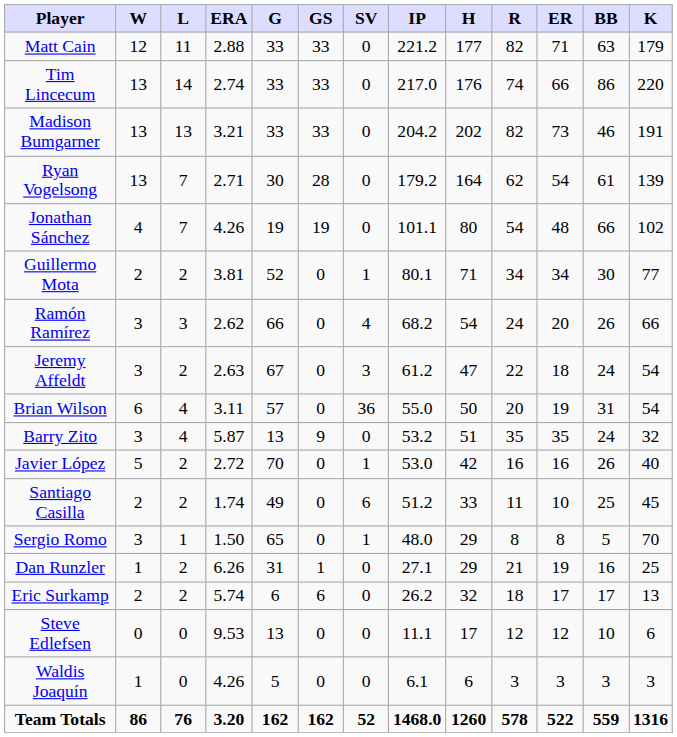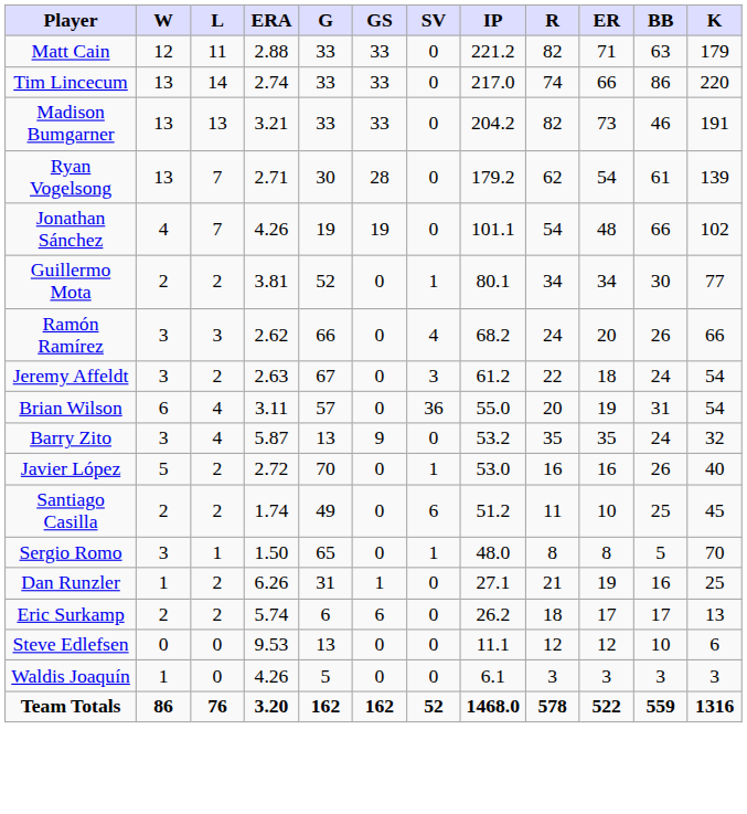 <table class="wikitable sortable" style="text-align:center; border:1px; cellpadding:2; cellspacing:0;">
 <tr>
 <th style="background:#ddf; width:17%;">Player</th>
 <th style="background:#ddf; width:7%;">W</th>
 <th style="background:#ddf; width:7%;">L</th>
 <th style="background:#ddf; width:7%;">ERA</th>
 <th style="background:#ddf; width:7%;">G</th>
 <th style="background:#ddf; width:7%;">GS</th>
 <th style="background:#ddf; width:7%;">SV</th>
 <th style="background:#ddf; width:7%;">IP</th>
-<th style="background:#ddf; width:7%;">H</th>
 <th style="background:#ddf; width:7%;">R</th>
 <th style="background:#ddf; width:7%;">ER</th>
 <th style="background:#ddf; width:7%;">BB</th>
 <th style="background:#ddf; width:7%;">K</th>
 </tr>
 <tr align="center">
 <td><a href='#'>Matt Cain</a></td>
 <td>12</td>
 <td>11</td>
 <td>2.88</td>
 <td>33</td>
 <td>33</td>
 <td>0</td>
 <td>221.2</td>
-<td>177</td>
 <td>82</td>
 <td>71</td>
 <td>63</td>
 <td>179</td>
 </tr>
 <tr align-center>
 <td><a href='#'>Tim Lincecum</a></td>
 <td>13</td>
 <td>14</td>
 <td>2.74</td>
 <td>33</td>
 <td>33</td>
 <td>0</td>
 <td>217.0</td>
-<td>176</td>
 <td>74</td>
 <td>66</td>
 <td>86</td>
 <td>220</td>
 </tr>
 <tr align="center">
 <td><a href='#'>Madison Bumgarner</a></td>
 <td>13</td>
 <td>13</td>
 <td>3.21</td>
 <td>33</td>
 <td>33</td>
 <td>0</td>
 <td>204.2</td>
-<td>202</td>
 <td>82</td>
 <td>73</td>
 <td>46</td>
 <td>191</td>
 </tr>
 <tr align=center>
 <td><a href='#'>Ryan Vogelsong</a></td>
 <td>13</td>
 <td>7</td>
 <td>2.71</td>
 <td>30</td>
 <td>28</td>
 <td>0</td>
 <td>179.2</td>
-<td>164</td>
 <td>62</td>
 <td>54</td>
 <td>61</td>
 <td>139</td>
 </tr>
 <tr align="center">
 <td><a href='#'>Jonathan Sánchez</a></td>
 <td>4</td>
 <td>7</td>
 <td>4.26</td>
 <td>19</td>
 <td>19</td>
 <td>0</td>
 <td>101.1</td>
-<td>80</td>
 <td>54</td>
 <td>48</td>
 <td>66</td>
 <td>102</td>
 </tr>
 <tr align=center>
 <td><a href='#'>Guillermo Mota</a></td>
 <td>2</td>
 <td>2</td>
 <td>3.81</td>
 <td>52</td>
 <td>0</td>
 <td>1</td>
 <td>80.1</td>
-<td>71</td>
 <td>34</td>
 <td>34</td>
 <td>30</td>
 <td>77</td>
 </tr>
 <tr align=center>
 <td><a href='#'>Ramón Ramírez</a></td>
 <td>3</td>
 <td>3</td>
 <td>2.62</td>
 <td>66</td>
 <td>0</td>
 <td>4</td>
 <td>68.2</td>
-<td>54</td>
 <td>24</td>
 <td>20</td>
 <td>26</td>
 <td>66</td>
 </tr>
 <tr align=center>
 <td><a href='#'>Jeremy Affeldt</a></td>
 <td>3</td>
 <td>2</td>
 <td>2.63</td>
 <td>67</td>
 <td>0</td>
 <td>3</td>
 <td>61.2</td>
-<td>47</td>
 <td>22</td>
 <td>18</td>
 <td>24</td>
 <td>54</td>
 </tr>
 <tr align=center>
 <td><a href='#'>Brian Wilson</a></td>
 <td>6</td>
 <td>4</td>
 <td>3.11</td>
 <td>57</td>
 <td>0</td>
 <td>36</td>
 <td>55.0</td>
-<td>50</td>
 <td>20</td>
 <td>19</td>
 <td>31</td>
 <td>54</td>
 </tr>
 <tr align=center>
 <td><a href='#'>Barry Zito</a></td>
 <td>3</td>
 <td>4</td>
 <td>5.87</td>
 <td>13</td>
 <td>9</td>
 <td>0</td>
 <td>53.2</td>
-<td>51</td>
 <td>35</td>
 <td>35</td>
 <td>24</td>
 <td>32</td>
 </tr>
 <tr align=center>
 <td><a href='#'>Javier López</a></td>
 <td>5</td>
 <td>2</td>
 <td>2.72</td>
 <td>70</td>
 <td>0</td>
 <td>1</td>
 <td>53.0</td>
-<td>42</td>
 <td>16</td>
 <td>16</td>
 <td>26</td>
 <td>40</td>
 </tr>
 <tr align=center>
 <td><a href='#'>Santiago Casilla</a></td>
 <td>2</td>
 <td>2</td>
 <td>1.74</td>
 <td>49</td>
 <td>0</td>
 <td>6</td>
 <td>51.2</td>
-<td>33</td>
 <td>11</td>
 <td>10</td>
 <td>25</td>
 <td>45</td>
 </tr>
 <tr align=center>
 <td><a href='#'>Sergio Romo</a></td>
 <td>3</td>
 <td>1</td>
 <td>1.50</td>
 <td>65</td>
 <td>0</td>
 <td>1</td>
 <td>48.0</td>
-<td>29</td>
 <td>8</td>
 <td>8</td>
 <td>5</td>
 <td>70</td>
 </tr>
 <tr align=center>
 <td><a href='#'>Dan Runzler</a></td>
 <td>1</td>
 <td>2</td>
 <td>6.26</td>
 <td>31</td>
 <td>1</td>
 <td>0</td>
 <td>27.1</td>
-<td>29</td>
 <td>21</td>
 <td>19</td>
 <td>16</td>
 <td>25</td>
 </tr>
 <tr align=center>
 <td><a href='#'>Eric Surkamp</a></td>
 <td>2</td>
 <td>2</td>
 <td>5.74</td>
 <td>6</td>
 <td>6</td>
 <td>0</td>
 <td>26.2</td>
-<td>32</td>
 <td>18</td>
 <td>17</td>
 <td>17</td>
 <td>13</td>
 </tr>
 <tr align=center>
 <td><a href='#'>Steve Edlefsen</a></td>
 <td>0</td>
 <td>0</td>
 <td>9.53</td>
 <td>13</td>
 <td>0</td>
 <td>0</td>
 <td>11.1</td>
-<td>17</td>
 <td>12</td>
 <td>12</td>
 <td>10</td>
 <td>6</td>
 </tr>
 <tr align=center>
 <td><a href='#'>Waldis Joaquín</a></td>
 <td>1</td>
 <td>0</td>
 <td>4.26</td>
 <td>5</td>
 <td>0</td>
 <td>0</td>
 <td>6.1</td>
-<td>6</td>
 <td>3</td>
 <td>3</td>
 <td>3</td>
 <td>3</td>
 </tr>
 <tr align=center>
 <td><strong>Team Totals</strong></td>
 <td><strong>86</strong></td>
 <td><strong>76</strong></td>
 <td><strong>3.20</strong></td>
 <td><strong>162</strong></td>
 <td><strong>162</strong></td>
 <td><strong>52</strong></td>
 <td><strong>1468.0</strong></td>
-<td><strong>1260</strong></td>
 <td><strong>578</strong></td>
 <td><strong>522</strong></td>
 <td><strong>559</strong></td>
 <td><strong>1316</strong></td>
 </tr>
 </table>
